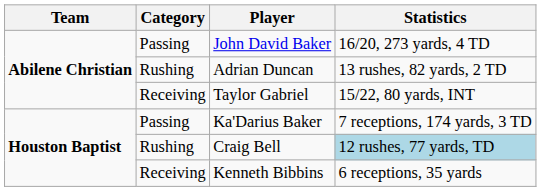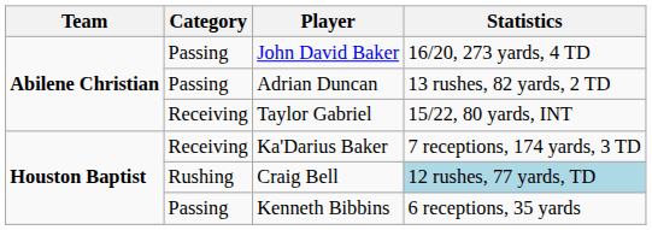 <table class="wikitable" style="float: left;">
 <tr>
 <th>Team</th>
 <th>Category</th>
 <th>Player</th>
 <th>Statistics</th>
 </tr>
 <tr>
 <td rowspan=3><strong>Abilene Christian</strong></td>
 <td>Passing</td>
 <td><a href='#'>John David Baker</a></td>
 <td>16/20, 273 yards, 4 TD</td>
 </tr>
 <tr>
-<td>Rushing</td>
+<td>Passing</td>
 <td>Adrian Duncan</td>
 <td>13 rushes, 82 yards, 2 TD</td>
 </tr>
 <tr>
 <td>Receiving</td>
 <td>Taylor Gabriel</td>
 <td>15/22, 80 yards, INT</td>
 </tr>
 <tr>
 <td rowspan=3><strong>Houston Baptist</strong></td>
-<td>Passing</td>
+<td>Receiving</td>
 <td>Ka'Darius Baker</td>
 <td>7 receptions, 174 yards, 3 TD</td>
 </tr>
 <tr>
 <td>Rushing</td>
 <td>Craig Bell</td>
 <td style="background: lightblue;">12 rushes, 77 yards, TD</td>
 </tr>
 <tr>
-<td>Receiving</td>
+<td>Passing</td>
 <td>Kenneth Bibbins</td>
 <td>6 receptions, 35 yards</td>
 </tr>
 </table>
